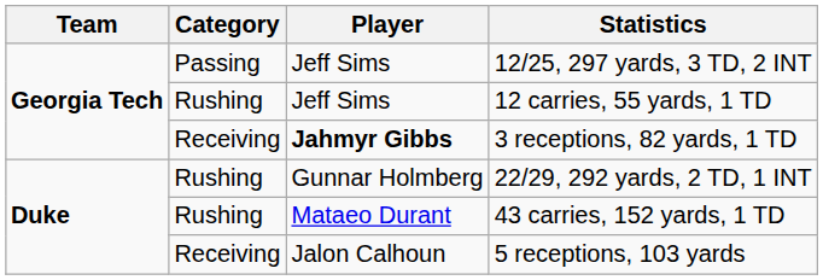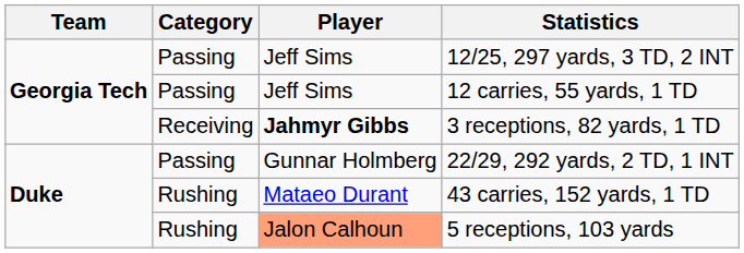 <table class="wikitable" style="float: right;">
 <tr>
 <th>Team</th>
 <th>Category</th>
 <th>Player</th>
 <th>Statistics</th>
 </tr>
 <tr>
 <td rowspan=3><strong>Georgia Tech</strong></td>
 <td>Passing</td>
 <td>Jeff Sims</td>
 <td>12/25, 297 yards, 3 TD, 2 INT</td>
 </tr>
 <tr>
-<td>Rushing</td>
+<td>Passing</td>
 <td>Jeff Sims</td>
 <td>12 carries, 55 yards, 1 TD</td>
 </tr>
 <tr>
 <td>Receiving</td>
 <td><strong>Jahmyr Gibbs</strong></td>
 <td>3 receptions, 82 yards, 1 TD</td>
 </tr>
 <tr>
 <td rowspan=3><strong>Duke</strong></td>
-<td>Rushing</td>
+<td>Passing</td>
 <td>Gunnar Holmberg</td>
 <td>22/29, 292 yards, 2 TD, 1 INT</td>
 </tr>
 <tr>
 <td>Rushing</td>
 <td><a href='#'>Mataeo Durant</a></td>
 <td>43 carries, 152 yards, 1 TD</td>
 </tr>
 <tr>
-<td>Receiving</td>
-<td>Jalon Calhoun</td>
+<td>Rushing</td>
+<td style="background: lightsalmon;">Jalon Calhoun</td>
 <td>5 receptions, 103 yards</td>
 </tr>
 </table>
